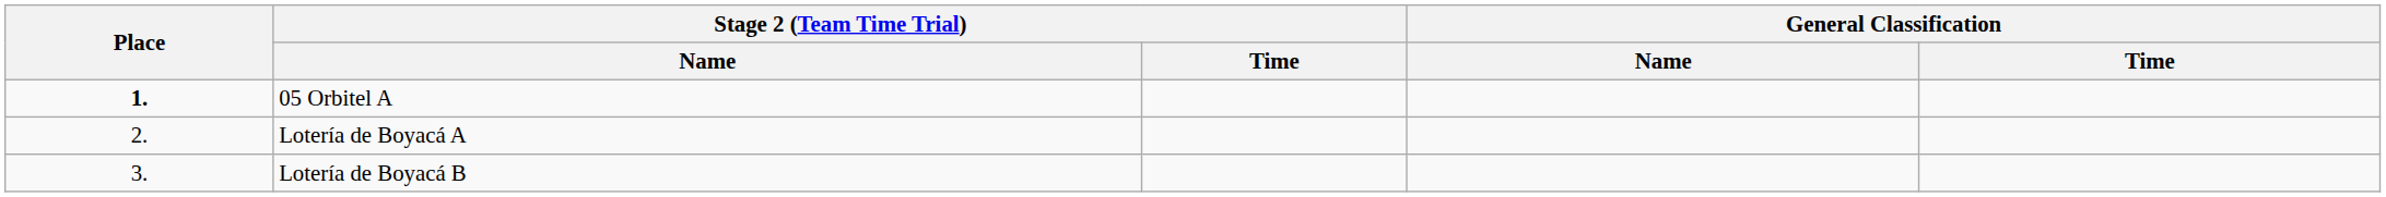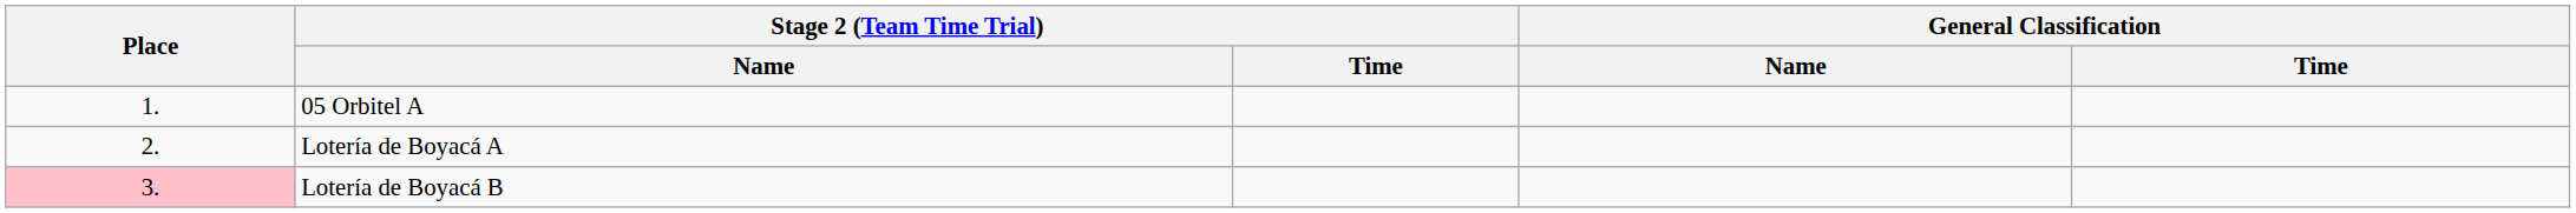 <table class=wikitable style="font-size:95%" width="80%">
 <tr>
 <th rowspan="2">Place</th>
 <th colspan="2">Stage 2 (<a href='#'>Team Time Trial</a>)</th>
 <th colspan="2">General Classification</th>
 </tr>
 <tr>
 <th>Name</th>
 <th>Time</th>
 <th>Name</th>
 <th>Time</th>
 </tr>
 <tr>
-<td align="center"><strong>1.</strong></td>
+<td align="center">1.</td>
 <td>05 Orbitel A</td>
 <td></td>
 <td></td>
 <td></td>
 </tr>
 <tr>
 <td align="center">2.</td>
 <td>Lotería de Boyacá A</td>
 <td></td>
 <td></td>
 <td></td>
 </tr>
 <tr>
-<td align="center">3.</td>
+<td align="center" style="background: pink;">3.</td>
 <td>Lotería de Boyacá B</td>
 <td></td>
 <td></td>
 <td></td>
 </tr>
 </table>
